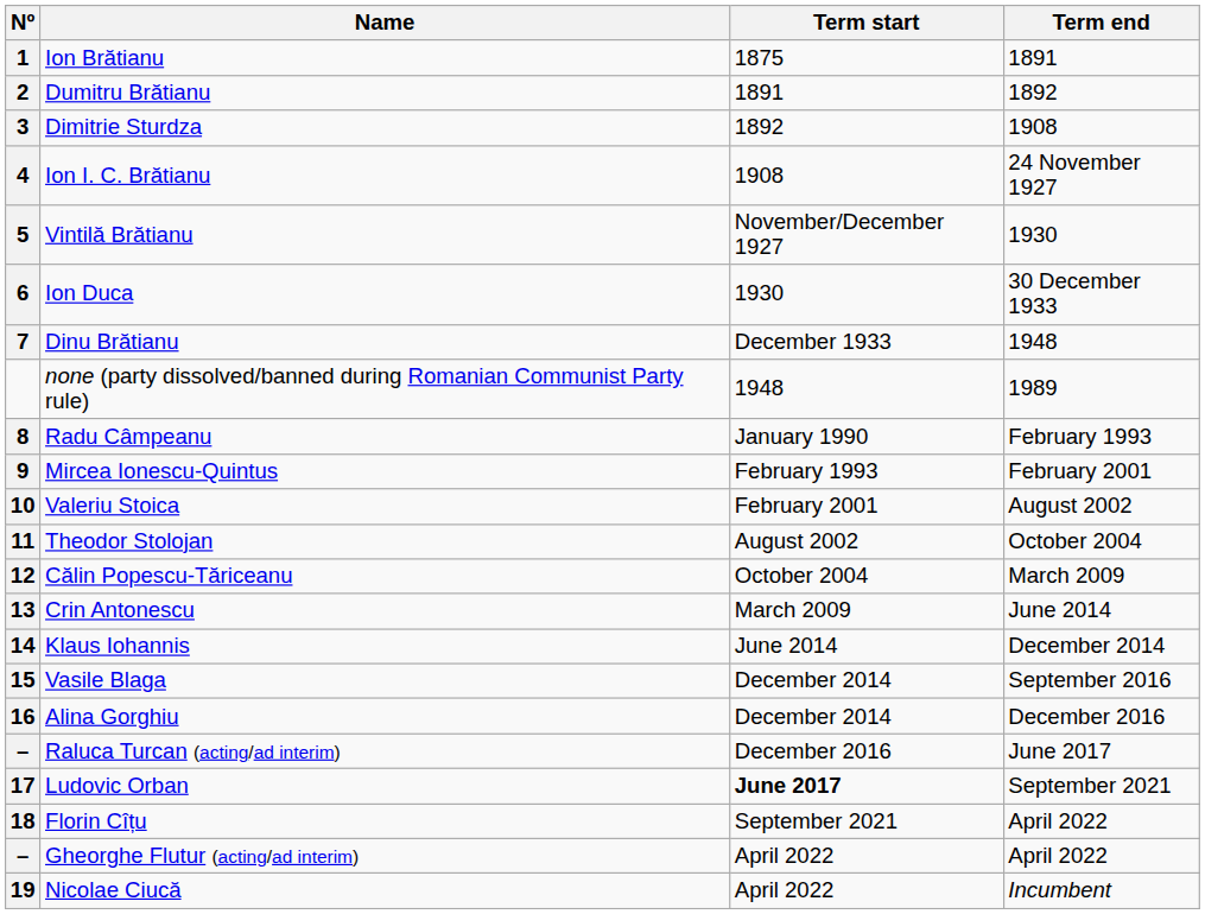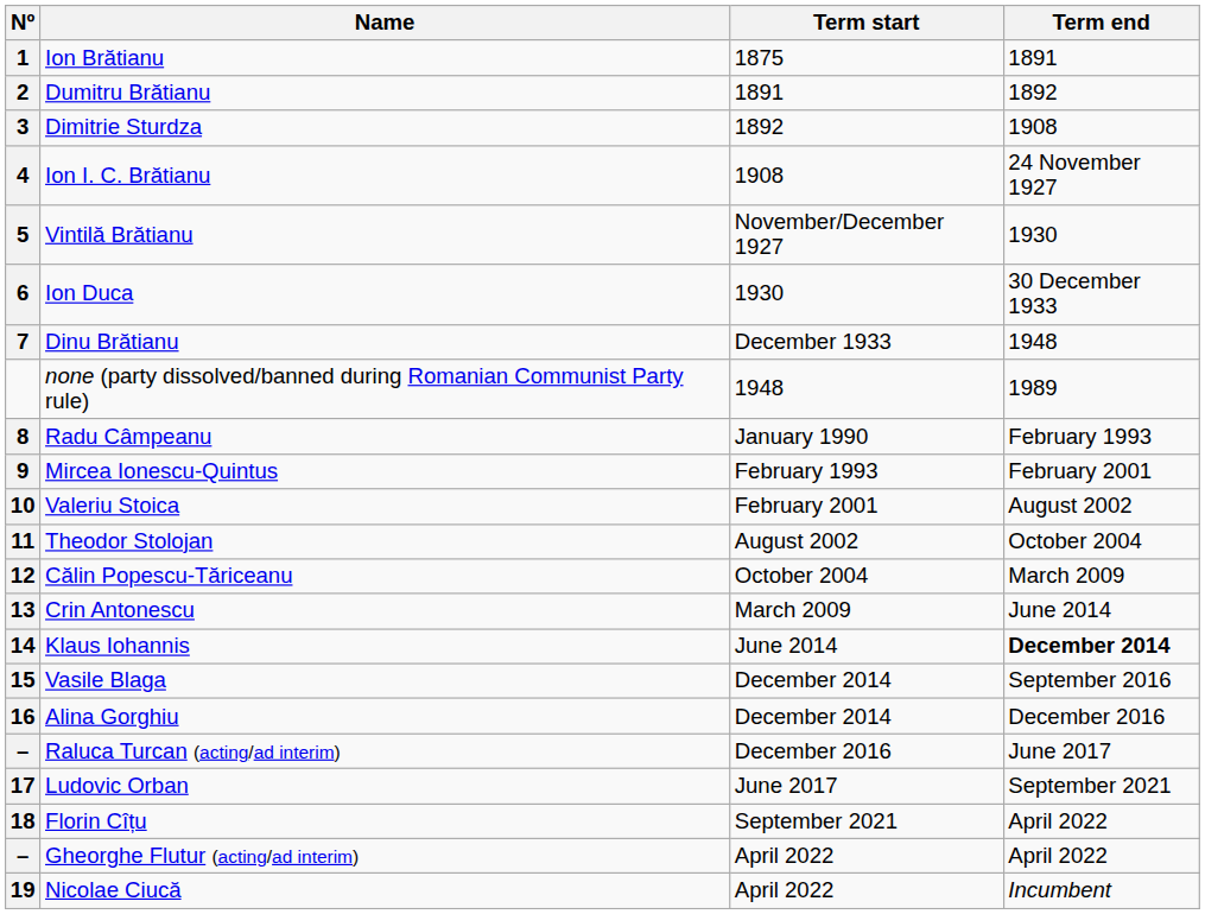 <table class="wikitable">
 <tr>
 <th colspan=1>Nº</th>
 <th colspan=1>Name</th>
 <th colspan=1>Term start</th>
 <th colspan=1>Term end</th>
 </tr>
 <tr bgcolor=>
 <th>1</th>
 <td><a href='#'>Ion Brătianu</a></td>
 <td>1875</td>
 <td>1891</td>
 </tr>
 <tr bgcolor=>
 <th>2</th>
 <td><a href='#'>Dumitru Brătianu</a></td>
 <td>1891</td>
 <td>1892</td>
 </tr>
 <tr bgcolor=>
 <th>3</th>
 <td><a href='#'>Dimitrie Sturdza</a></td>
 <td>1892</td>
 <td>1908</td>
 </tr>
 <tr bgcolor=>
 <th>4</th>
 <td><a href='#'>Ion I. C. Brătianu</a></td>
 <td>1908</td>
 <td>24 November 1927</td>
 </tr>
 <tr bgcolor=>
 <th>5</th>
 <td><a href='#'>Vintilă Brătianu</a></td>
 <td>November/December 1927</td>
 <td>1930</td>
 </tr>
 <tr bgcolor=>
 <th>6</th>
 <td><a href='#'>Ion Duca</a></td>
 <td>1930</td>
 <td>30 December 1933</td>
 </tr>
 <tr bgcolor=>
 <th>7</th>
 <td><a href='#'>Dinu Brătianu</a></td>
 <td>December 1933</td>
 <td>1948</td>
 </tr>
 <tr bgcolor=>
 <td></td>
 <td><em>none</em> (party dissolved/banned during <a href='#'>Romanian Communist Party</a> rule)</td>
 <td>1948</td>
 <td>1989</td>
 </tr>
 <tr bgcolor=>
 <th>8</th>
 <td><a href='#'>Radu Câmpeanu</a></td>
 <td>January 1990</td>
 <td>February 1993</td>
 </tr>
 <tr bgcolor=>
 <th>9</th>
 <td><a href='#'>Mircea Ionescu-Quintus</a></td>
 <td>February 1993</td>
 <td>February 2001</td>
 </tr>
 <tr bgcolor=>
 <th>10</th>
 <td><a href='#'>Valeriu Stoica</a></td>
 <td>February 2001</td>
 <td>August 2002</td>
 </tr>
 <tr bgcolor=>
 <th>11</th>
 <td><a href='#'>Theodor Stolojan</a></td>
 <td>August 2002</td>
 <td>October 2004</td>
 </tr>
 <tr bgcolor=>
 <th>12</th>
 <td><a href='#'>Călin Popescu-Tăriceanu</a></td>
 <td>October 2004</td>
 <td>March 2009</td>
 </tr>
 <tr bgcolor=>
 <th>13</th>
 <td><a href='#'>Crin Antonescu</a></td>
 <td>March 2009</td>
 <td>June 2014</td>
 </tr>
 <tr bgcolor=>
 <th>14</th>
 <td><a href='#'>Klaus Iohannis</a></td>
 <td>June 2014</td>
-<td>December 2014</td>
+<td><strong>December 2014</strong></td>
 </tr>
 <tr bgcolor=>
 <th>15</th>
 <td><a href='#'>Vasile Blaga</a></td>
 <td>December 2014</td>
 <td>September 2016</td>
 </tr>
 <tr bgcolor=>
 <th>16</th>
 <td><a href='#'>Alina Gorghiu</a></td>
 <td>December 2014</td>
 <td>December 2016</td>
 </tr>
 <tr bgcolor=>
 <th>–</th>
 <td><a href='#'>Raluca Turcan</a> <small>(<a href='#'>acting</a>/<a href='#'>ad interim</a>)</small></td>
 <td>December 2016</td>
 <td>June 2017</td>
 </tr>
 <tr bgcolor=>
 <th>17</th>
 <td><a href='#'>Ludovic Orban</a></td>
-<td><strong>June 2017</strong></td>
+<td>June 2017</td>
 <td>September 2021</td>
 </tr>
 <tr bgcolor=>
 <th>18</th>
 <td><a href='#'>Florin Cîțu</a></td>
 <td>September 2021</td>
 <td>April 2022</td>
 </tr>
 <tr bgcolor=>
 <th>–</th>
 <td><a href='#'>Gheorghe Flutur</a> <small>(<a href='#'>acting</a>/<a href='#'>ad interim</a>)</small></td>
 <td>April 2022</td>
 <td>April 2022</td>
 </tr>
 <tr bgcolor=>
 <th>19</th>
 <td><a href='#'>Nicolae Ciucă</a></td>
 <td>April 2022</td>
 <td><em>Incumbent</em></td>
 </tr>
 <tr>
 </tr>
 </table>
